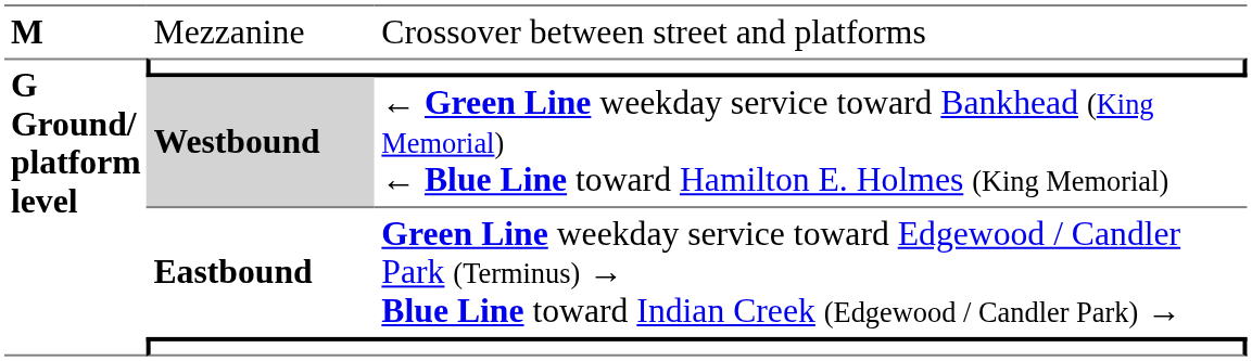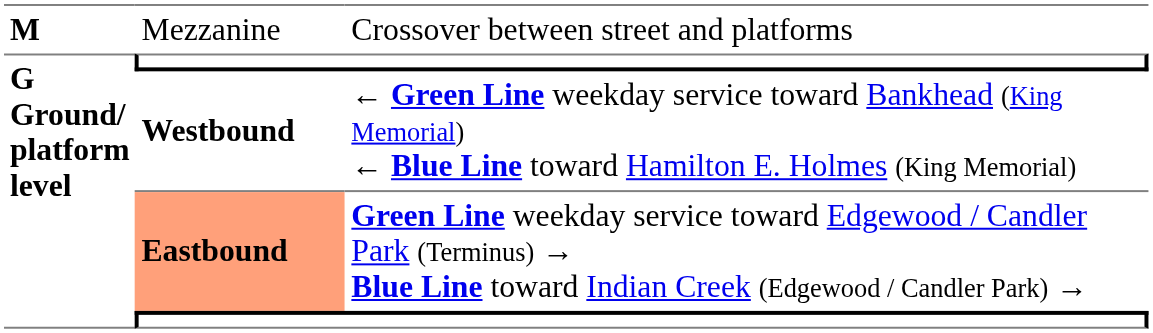 <table table border=0 cellspacing=0 cellpadding=3>
 <tr>
 <td style="border-top:solid 1px gray;" width=50 valign=top><strong>M</strong></td>
 <td style="border-top:solid 1px gray;" width=100 valign=top>Mezzanine</td>
 <td style="border-top:solid 1px gray;" width=400 valign=top>Crossover between street and platforms</td>
 </tr>
 <tr>
 <td style="border-top:solid 1px gray;border-bottom:solid 1px gray;" width=50 rowspan=4 valign=top><strong>G<br>Ground/<br>platform level</strong></td>
 <td style="border-top:solid 1px gray;border-right:solid 2px black;border-left:solid 2px black;border-bottom:solid 2px black;text-align:center;" colspan=2></td>
 </tr>
 <tr>
-<td style="background: lightgrey; border-bottom:solid 1px gray;" width=100><strong>Westbound</strong></td>
+<td style="border-bottom:solid 1px gray;" width=100><strong>Westbound</strong></td>
 <td style="border-bottom:solid 1px gray;" width=400>← <a href='#'><span><strong>Green Line</strong></span></a> weekday service toward <a href='#'>Bankhead</a> <small>(<a href='#'>King Memorial</a>)</small><br>← <a href='#'><span><strong>Blue Line</strong></span></a> toward <a href='#'>Hamilton E. Holmes</a> <small>(King Memorial)</small></td>
 </tr>
 <tr>
-<td><strong>Eastbound</strong></td>
+<td style="background: lightsalmon;"><strong>Eastbound</strong></td>
 <td> <a href='#'><span><strong>Green Line</strong></span></a> weekday service toward <a href='#'>Edgewood / Candler Park</a> <small>(Terminus)</small> →<br> <a href='#'><span><strong>Blue Line</strong></span></a> toward <a href='#'>Indian Creek</a> <small>(Edgewood / Candler Park)</small> →</td>
 </tr>
 <tr>
 <td style="border-bottom:solid 1px gray;border-right:solid 2px black;border-left:solid 2px black;border-top:solid 2px black;text-align:center;" colspan=2></td>
 </tr>
 </table>
